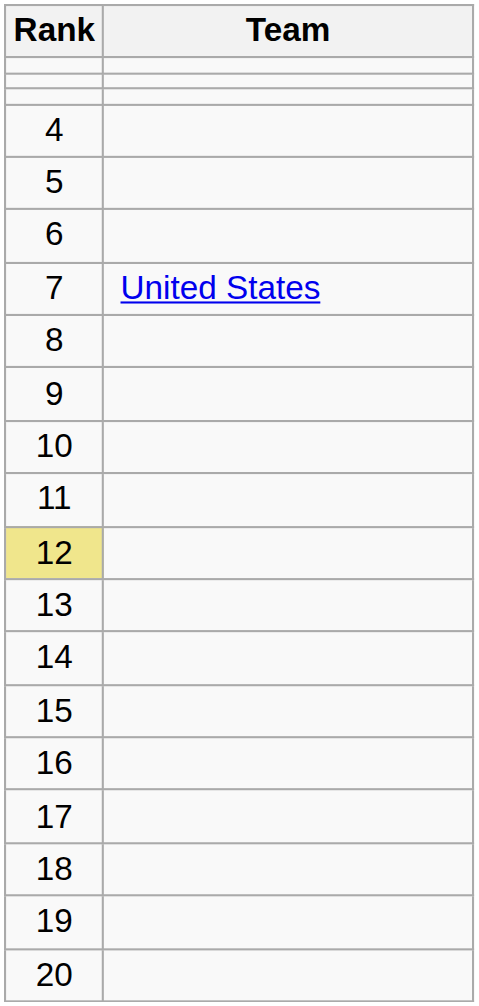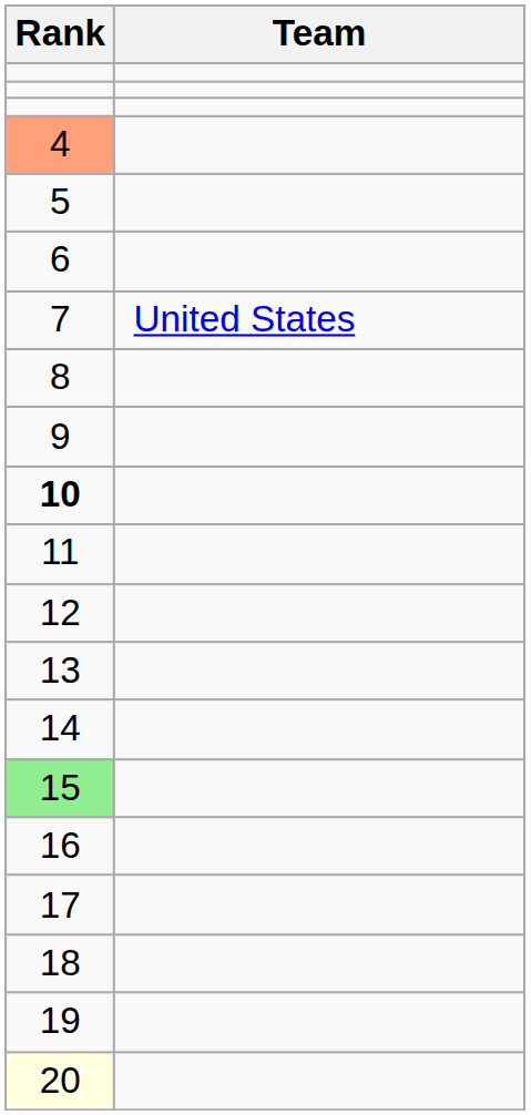 <table class="wikitable" style="text-align:center">
 <tr>
 <th width=40>Rank</th>
 <th width=170>Team</th>
 </tr>
 <tr>
 <td></td>
 <td align=left></td>
 </tr>
 <tr>
 <td></td>
 <td align=left></td>
 </tr>
 <tr>
 <td></td>
 <td align=left></td>
 </tr>
 <tr>
-<td>4</td>
+<td style="background: lightsalmon;">4</td>
 <td align=left></td>
 </tr>
 <tr>
 <td>5</td>
 <td align=left></td>
 </tr>
 <tr>
 <td>6</td>
 <td align=left></td>
 </tr>
 <tr>
 <td>7</td>
 <td align=left> <a href='#'>United States</a></td>
 </tr>
 <tr>
 <td>8</td>
 <td align=left></td>
 </tr>
 <tr>
 <td>9</td>
 <td align=left></td>
 </tr>
 <tr>
-<td>10</td>
+<td><strong>10</strong></td>
 <td align=left></td>
 </tr>
 <tr>
 <td>11</td>
 <td align=left></td>
 </tr>
 <tr>
-<td style="background: khaki;">12</td>
+<td>12</td>
 <td align=left></td>
 </tr>
 <tr>
 <td>13</td>
 <td align=left></td>
 </tr>
 <tr>
 <td>14</td>
 <td align=left></td>
 </tr>
 <tr>
-<td>15</td>
+<td style="background: lightgreen;">15</td>
 <td align=left></td>
 </tr>
 <tr>
 <td>16</td>
 <td align=left></td>
 </tr>
 <tr>
 <td>17</td>
 <td align=left></td>
 </tr>
 <tr>
 <td>18</td>
 <td align=left></td>
 </tr>
 <tr>
 <td>19</td>
 <td align=left></td>
 </tr>
 <tr>
-<td>20</td>
+<td style="background: lightyellow;">20</td>
 <td align=left></td>
 </tr>
 </table>
